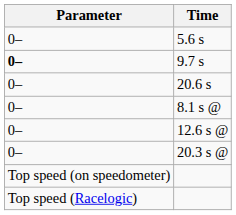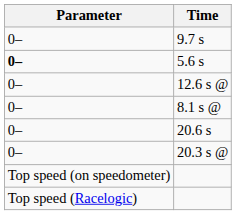 <table class="wikitable">
 <tr>
 <th>Parameter</th>
 <th>Time</th>
 </tr>
 <tr>
 <td>0–</td>
+<td>9.7 s</td>
+</tr>
+<tr>
+<td><strong>0–</strong></td>
 <td>5.6 s</td>
 </tr>
 <tr>
-<td><strong>0–</strong></td>
-<td>9.7 s</td>
-</tr>
-<tr>
 <td>0–</td>
-<td>20.6 s</td>
+<td>12.6 s @ </td>
 </tr>
 <tr>
 <td>0–</td>
 <td>8.1 s @ </td>
 </tr>
 <tr>
 <td>0–</td>
-<td>12.6 s @ </td>
+<td>20.6 s</td>
 </tr>
 <tr>
 <td>0–</td>
 <td>20.3 s @ </td>
 </tr>
 <tr>
 <td>Top speed (on speedometer)</td>
 <td></td>
 </tr>
 <tr>
 <td>Top speed (<a href='#'>Racelogic</a>)</td>
 <td></td>
 </tr>
 </table>
